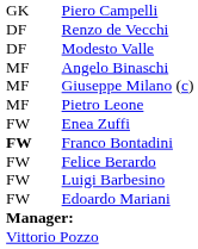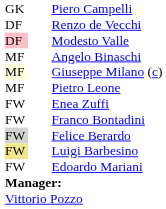 <table cellspacing="0" cellpadding="0" style="font-size:90%; margin:0.2em auto;">
 <tr>
 <th width="25"></th>
 <th width="25"></th>
 </tr>
 <tr>
 <td>GK</td>
 <td></td>
 <td><a href='#'>Piero Campelli</a></td>
 </tr>
 <tr>
 <td>DF</td>
 <td></td>
 <td><a href='#'>Renzo de Vecchi</a></td>
 </tr>
 <tr>
-<td>DF</td>
+<td style="background: pink;">DF</td>
 <td></td>
 <td><a href='#'>Modesto Valle</a></td>
 </tr>
 <tr>
 <td>MF</td>
 <td></td>
 <td><a href='#'>Angelo Binaschi</a></td>
 </tr>
 <tr>
-<td>MF</td>
+<td style="background: lightyellow;">MF</td>
 <td></td>
 <td><a href='#'>Giuseppe Milano</a> (<a href='#'>c</a>)</td>
 </tr>
 <tr>
 <td>MF</td>
 <td></td>
 <td><a href='#'>Pietro Leone</a></td>
 </tr>
 <tr>
 <td>FW</td>
 <td></td>
 <td><a href='#'>Enea Zuffi</a></td>
 </tr>
 <tr>
-<td><strong>FW</strong></td>
+<td>FW</td>
 <td></td>
 <td><a href='#'>Franco Bontadini</a></td>
 </tr>
 <tr>
-<td>FW</td>
+<td style="background: lightgrey;">FW</td>
 <td></td>
 <td><a href='#'>Felice Berardo</a></td>
 </tr>
 <tr>
-<td>FW</td>
+<td style="background: khaki;">FW</td>
 <td></td>
 <td><a href='#'>Luigi Barbesino</a></td>
 </tr>
 <tr>
 <td>FW</td>
 <td></td>
 <td><a href='#'>Edoardo Mariani</a></td>
 </tr>
 <tr>
 <td colspan=3><strong>Manager:</strong></td>
 </tr>
 <tr>
 <td colspan=4> <a href='#'>Vittorio Pozzo</a></td>
 </tr>
 </table>
